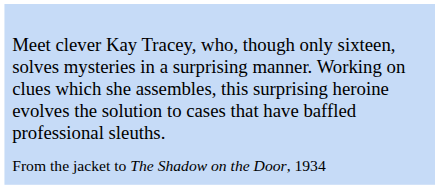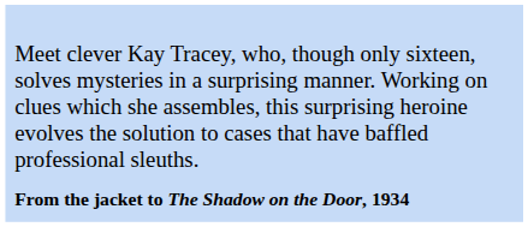 <table class="toccolours" style="float: right; margin-left: 1em; margin-right: 1em; font-size: 85%; background:#c6dbf7; color:black; width:23em; max-width: 25%;" cellspacing="5">
 <tr>
 <td style="text-align: left;"><br>Meet clever Kay Tracey, who, though only sixteen, solves mysteries in a surprising manner. Working on clues which she assembles, this surprising heroine evolves the solution to cases that have baffled professional sleuths.</td>
 </tr>
 <tr>
-<td style="text-align: left;"><small>From the jacket to <em>The Shadow on the Door</em>, 1934</small></td>
+<td style="text-align: left;"><strong><small>From the jacket to <em>The Shadow on the Door</em>, 1934</small></strong></td>
 </tr>
 </table>
